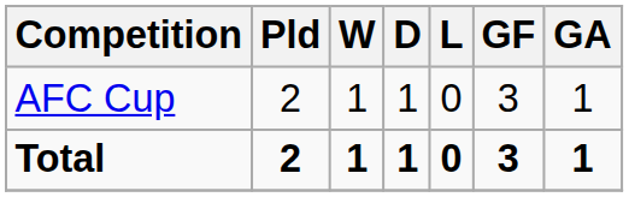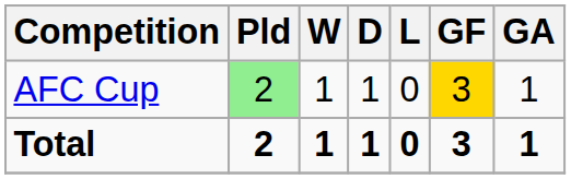 <table class="wikitable">
 <tr>
 <th>Competition</th>
 <th>Pld</th>
 <th>W</th>
 <th>D</th>
 <th>L</th>
 <th>GF</th>
 <th>GA</th>
 </tr>
 <tr>
 <td><a href='#'>AFC Cup</a></td>
-<td style="text-align:center;">2</td>
+<td style="background: lightgreen; text-align:center;">2</td>
 <td style="text-align:center;">1</td>
 <td style="text-align:center;">1</td>
 <td style="text-align:center;">0</td>
-<td style="text-align:center;">3</td>
+<td style="background: gold; text-align:center;">3</td>
 <td style="text-align:center;">1</td>
 </tr>
 <tr>
 <td><strong>Total</strong></td>
 <td style="text-align:center;"><strong>2</strong></td>
 <td style="text-align:center;"><strong>1</strong></td>
 <td style="text-align:center;"><strong>1</strong></td>
 <td style="text-align:center;"><strong>0</strong></td>
 <td style="text-align:center;"><strong>3</strong></td>
 <td style="text-align:center;"><strong>1</strong></td>
 </tr>
 <tr>
 </tr>
 </table>
